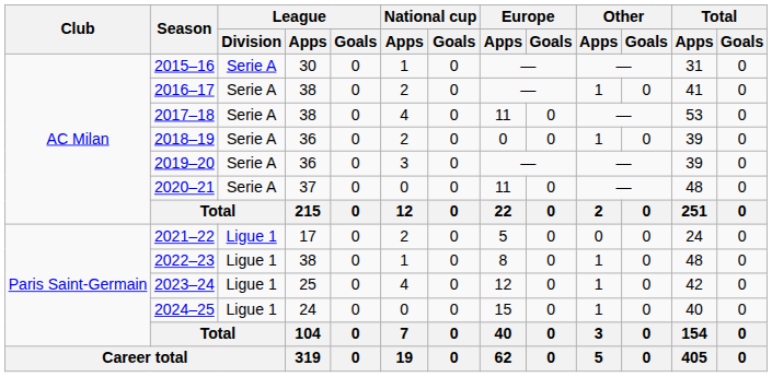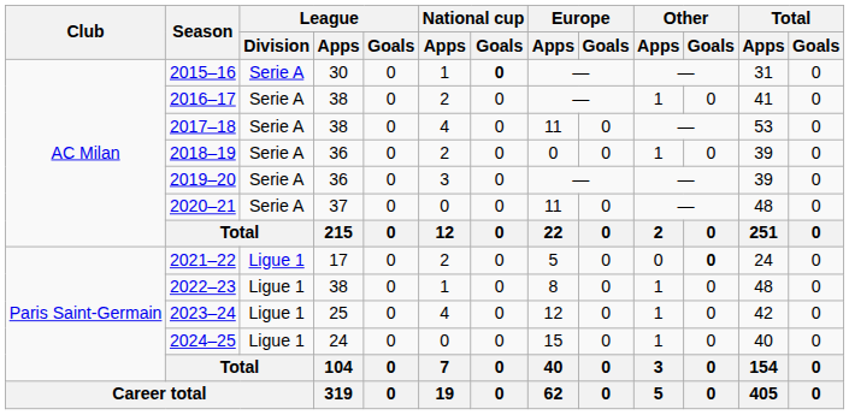 <table class="wikitable" style="text-align:center">
 <tr>
 <th rowspan="2">Club</th>
 <th rowspan="2">Season</th>
 <th colspan="3">League</th>
 <th colspan="2">National cup</th>
 <th colspan="2">Europe</th>
 <th colspan="2">Other</th>
 <th colspan="2">Total</th>
 </tr>
 <tr>
 <th>Division</th>
 <th>Apps</th>
 <th>Goals</th>
 <th>Apps</th>
 <th>Goals</th>
 <th>Apps</th>
 <th>Goals</th>
 <th>Apps</th>
 <th>Goals</th>
 <th>Apps</th>
 <th>Goals</th>
 </tr>
 <tr>
 <td rowspan="7"><a href='#'>AC Milan</a></td>
 <td><a href='#'>2015–16</a></td>
 <td><a href='#'>Serie A</a></td>
 <td>30</td>
 <td>0</td>
 <td>1</td>
-<td>0</td>
+<td><strong>0</strong></td>
 <td colspan="2">—</td>
 <td colspan="2">—</td>
 <td>31</td>
 <td>0</td>
 </tr>
 <tr>
 <td><a href='#'>2016–17</a></td>
 <td>Serie A</td>
 <td>38</td>
 <td>0</td>
 <td>2</td>
 <td>0</td>
 <td colspan="2">—</td>
 <td>1</td>
 <td>0</td>
 <td>41</td>
 <td>0</td>
 </tr>
 <tr>
 <td><a href='#'>2017–18</a></td>
 <td>Serie A</td>
 <td>38</td>
 <td>0</td>
 <td>4</td>
 <td>0</td>
 <td>11</td>
 <td>0</td>
 <td colspan="2">—</td>
 <td>53</td>
 <td>0</td>
 </tr>
 <tr>
 <td><a href='#'>2018–19</a></td>
 <td>Serie A</td>
 <td>36</td>
 <td>0</td>
 <td>2</td>
 <td>0</td>
 <td>0</td>
 <td>0</td>
 <td>1</td>
 <td>0</td>
 <td>39</td>
 <td>0</td>
 </tr>
 <tr>
 <td><a href='#'>2019–20</a></td>
 <td>Serie A</td>
 <td>36</td>
 <td>0</td>
 <td>3</td>
 <td>0</td>
 <td colspan="2">—</td>
 <td colspan="2">—</td>
 <td>39</td>
 <td>0</td>
 </tr>
 <tr>
 <td><a href='#'>2020–21</a></td>
 <td>Serie A</td>
 <td>37</td>
 <td>0</td>
 <td>0</td>
 <td>0</td>
 <td>11</td>
 <td>0</td>
 <td colspan="2">—</td>
 <td>48</td>
 <td>0</td>
 </tr>
 <tr>
 <th colspan="2">Total</th>
 <th>215</th>
 <th>0</th>
 <th>12</th>
 <th>0</th>
 <th>22</th>
 <th>0</th>
 <th>2</th>
 <th>0</th>
 <th>251</th>
 <th>0</th>
 </tr>
 <tr>
 <td rowspan="5"><a href='#'>Paris Saint-Germain</a></td>
 <td><a href='#'>2021–22</a></td>
 <td><a href='#'>Ligue 1</a></td>
 <td>17</td>
 <td>0</td>
 <td>2</td>
 <td>0</td>
 <td>5</td>
 <td>0</td>
 <td>0</td>
-<td>0</td>
+<td><strong>0</strong></td>
 <td>24</td>
 <td>0</td>
 </tr>
 <tr>
 <td><a href='#'>2022–23</a></td>
 <td>Ligue 1</td>
 <td>38</td>
 <td>0</td>
 <td>1</td>
 <td>0</td>
 <td>8</td>
 <td>0</td>
 <td>1</td>
 <td>0</td>
 <td>48</td>
 <td>0</td>
 </tr>
 <tr>
 <td><a href='#'>2023–24</a></td>
 <td>Ligue 1</td>
 <td>25</td>
 <td>0</td>
 <td>4</td>
 <td>0</td>
 <td>12</td>
 <td>0</td>
 <td>1</td>
 <td>0</td>
 <td>42</td>
 <td>0</td>
 </tr>
 <tr>
 <td><a href='#'>2024–25</a></td>
 <td>Ligue 1</td>
 <td>24</td>
 <td>0</td>
 <td>0</td>
 <td>0</td>
 <td>15</td>
 <td>0</td>
 <td>1</td>
 <td>0</td>
 <td>40</td>
 <td>0</td>
 </tr>
 <tr>
 <th colspan="2">Total</th>
 <th>104</th>
 <th>0</th>
 <th>7</th>
 <th>0</th>
 <th>40</th>
 <th>0</th>
 <th>3</th>
 <th>0</th>
 <th>154</th>
 <th>0</th>
 </tr>
 <tr>
 <th colspan="3">Career total</th>
 <th>319</th>
 <th>0</th>
 <th>19</th>
 <th>0</th>
 <th>62</th>
 <th>0</th>
 <th>5</th>
 <th>0</th>
 <th>405</th>
 <th>0</th>
 </tr>
 </table>
